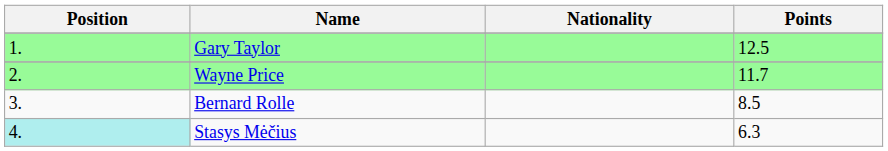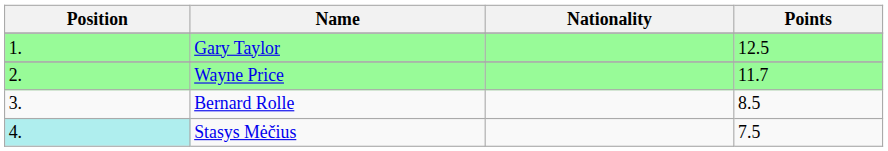 <table class="wikitable" style="display: inline-table; width: 50%;">
 <tr>
 <th>Position</th>
 <th>Name</th>
 <th>Nationality</th>
 <th>Points</th>
 </tr>
 <tr>
 </tr>
 <tr style="background:palegreen">
 <td>1.</td>
 <td><a href='#'>Gary Taylor</a></td>
 <td></td>
 <td>12.5</td>
 </tr>
 <tr>
 </tr>
 <tr style="background:palegreen">
 <td>2.</td>
 <td><a href='#'>Wayne Price</a></td>
 <td></td>
 <td>11.7</td>
 </tr>
 <tr>
 <td>3.</td>
 <td><a href='#'>Bernard Rolle</a></td>
 <td></td>
 <td>8.5</td>
 </tr>
 <tr>
 <td style="background: paleturquoise;">4.</td>
 <td><a href='#'>Stasys Mėčius</a></td>
 <td></td>
-<td>6.3</td>
+<td>7.5</td>
 </tr>
 </table>
